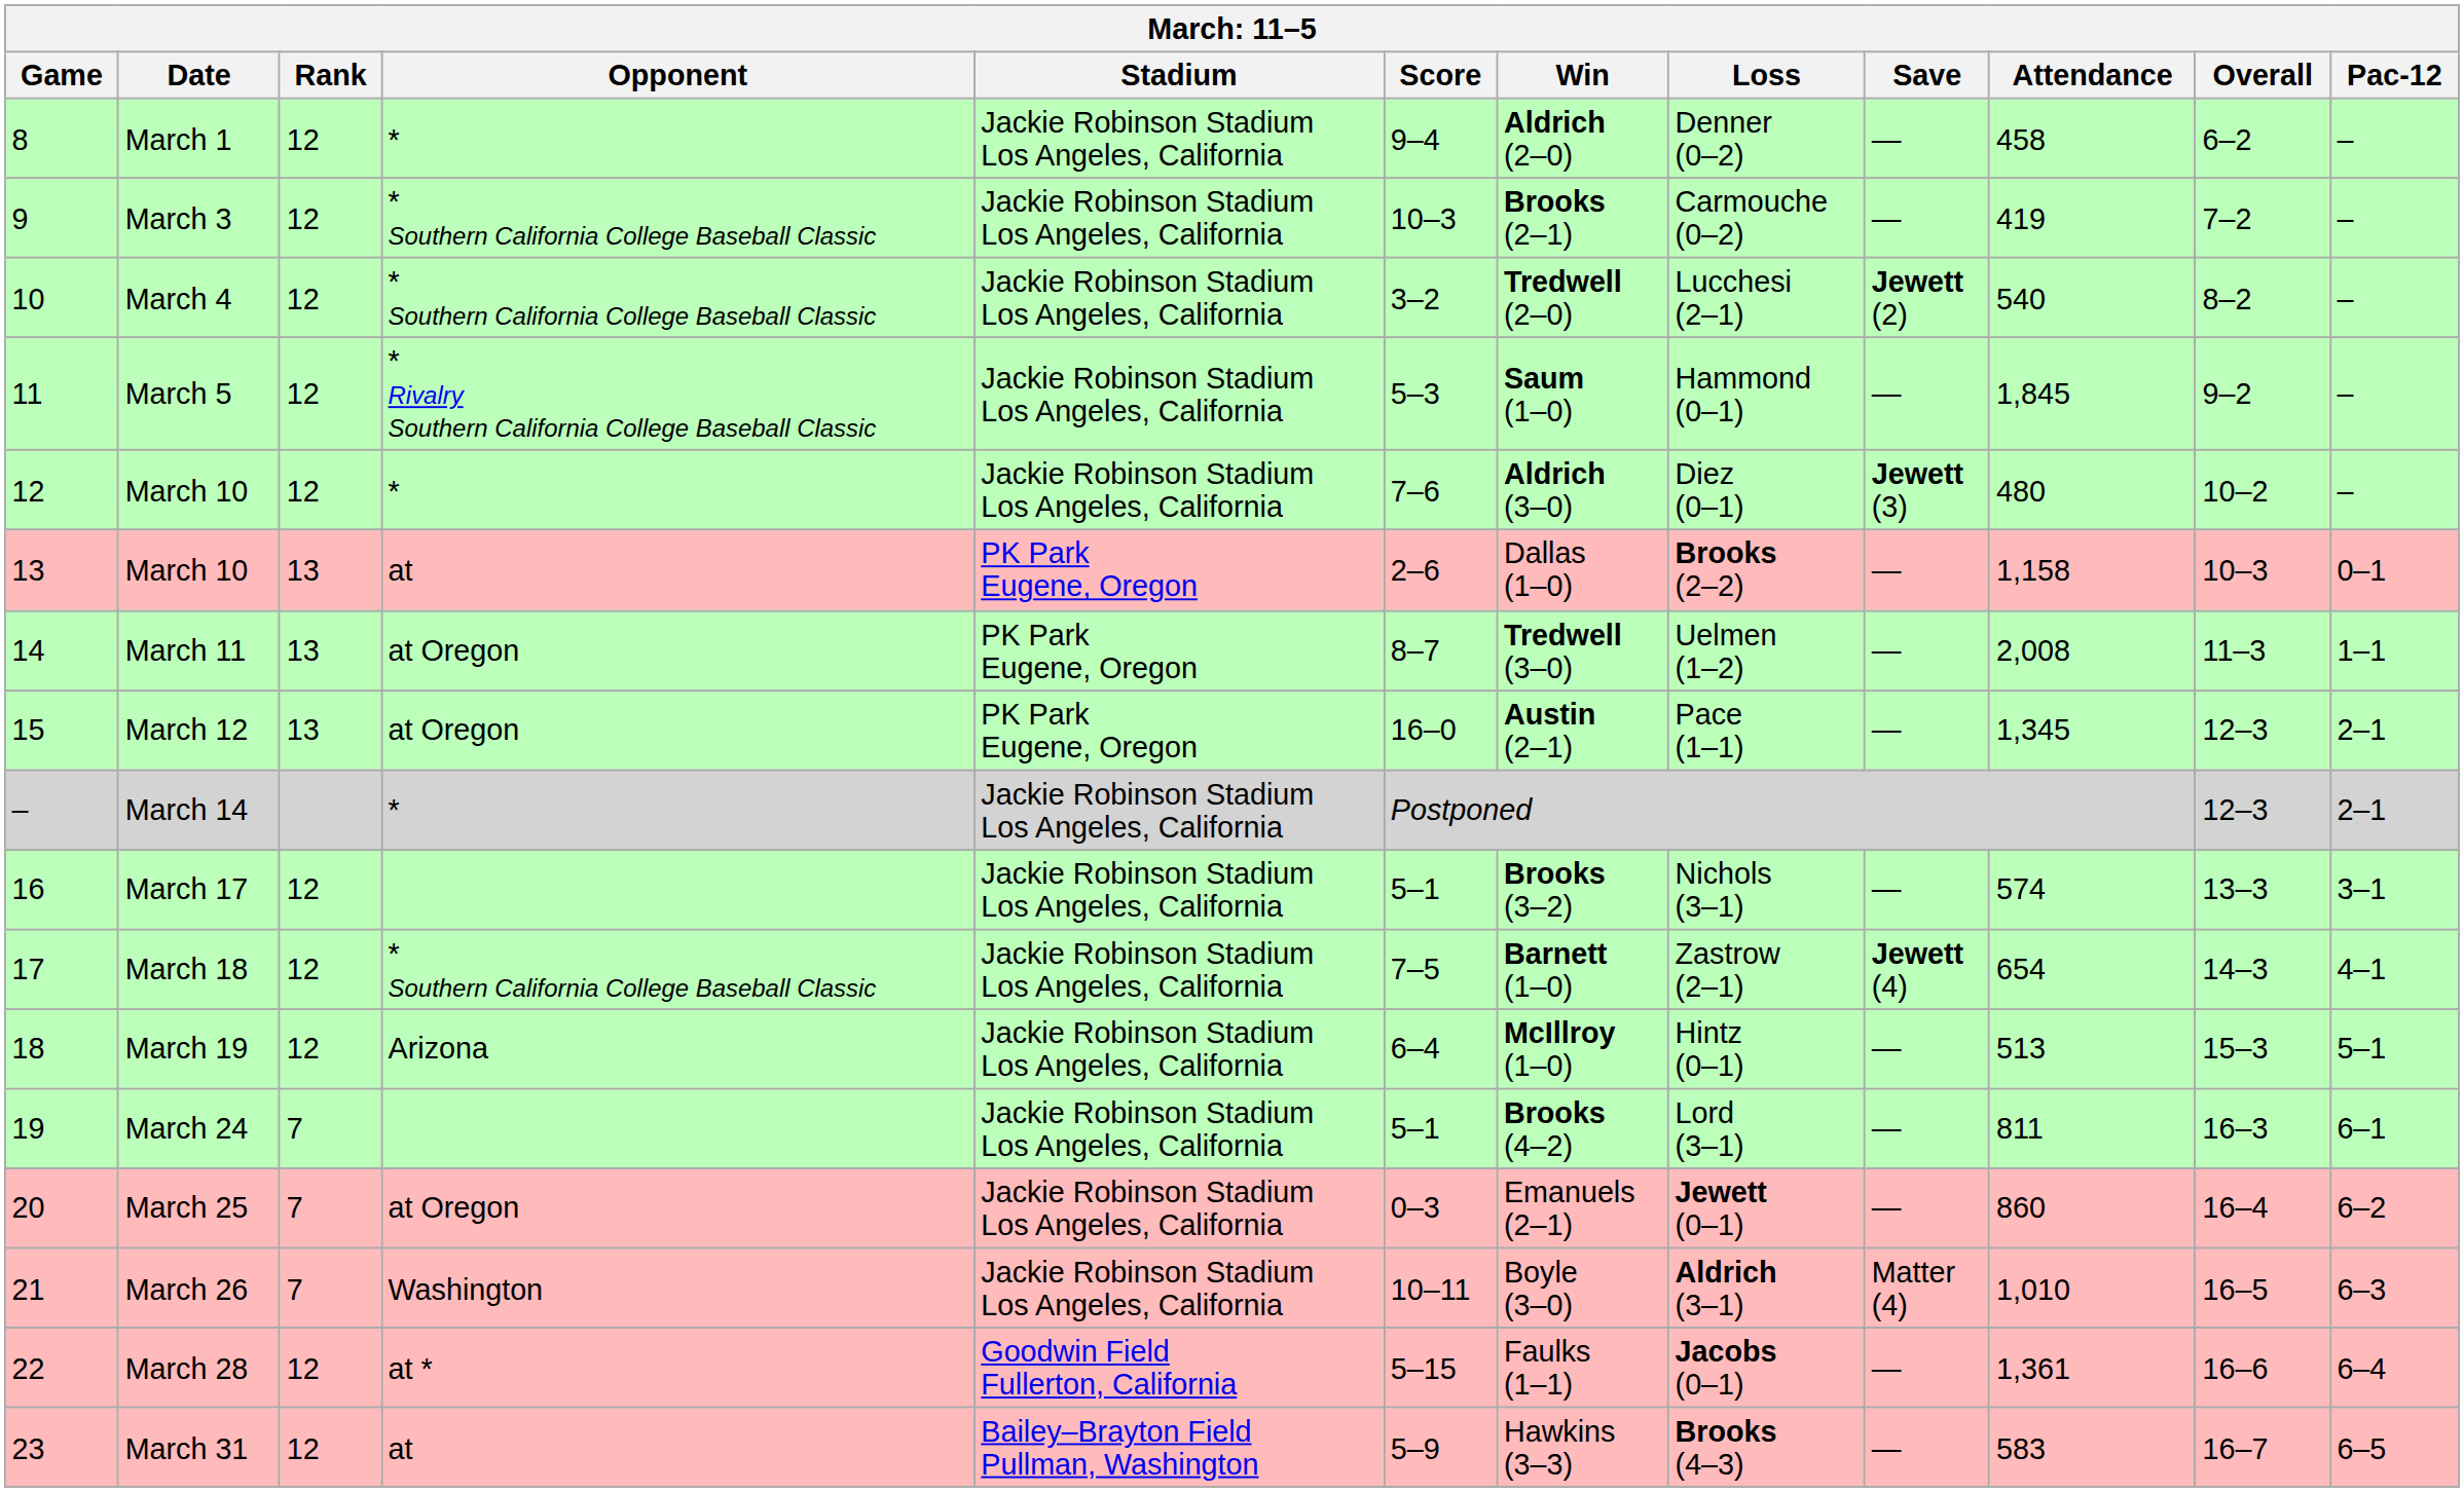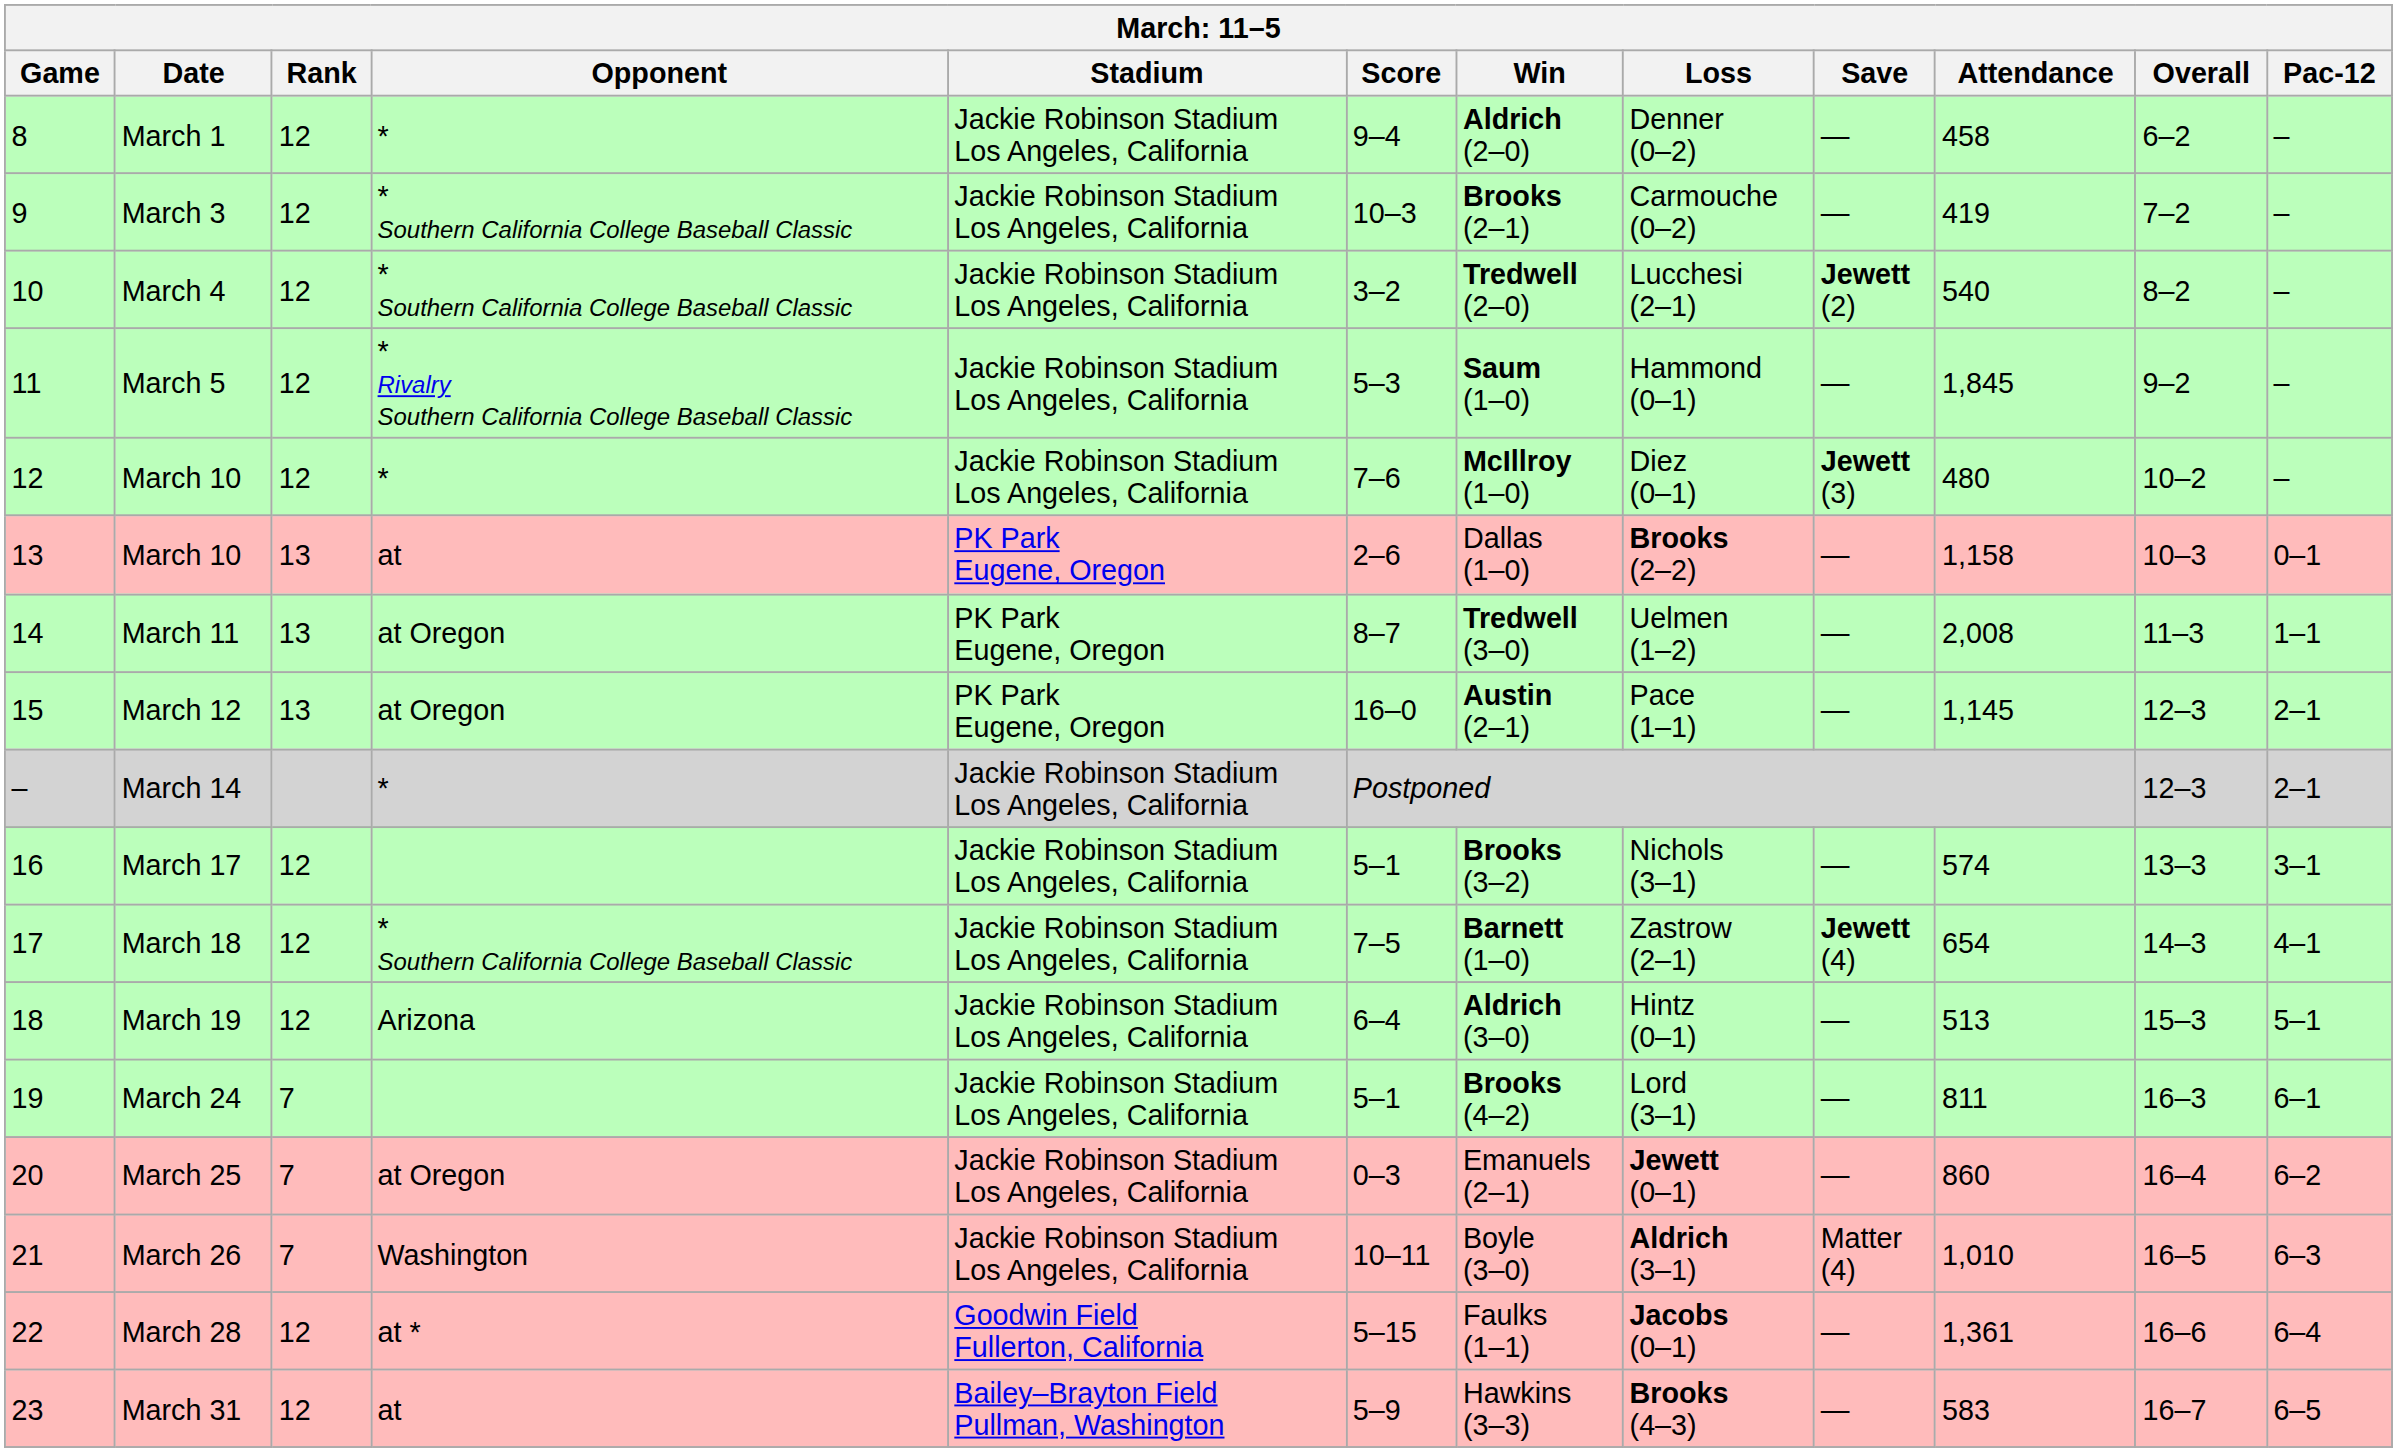 <table class="wikitable collapsible collapsed" style="margin:auto; font-size:95%; width:100%">
 <tr>
 <th colspan=12>March: 11–5</th>
 </tr>
 <tr>
 <th>Game</th>
 <th>Date</th>
 <th>Rank</th>
 <th>Opponent</th>
 <th>Stadium</th>
 <th>Score</th>
 <th>Win</th>
 <th>Loss</th>
 <th>Save</th>
 <th>Attendance</th>
 <th>Overall</th>
 <th>Pac-12</th>
 </tr>
 <tr style="background: #bfb;">
 <td>8</td>
 <td>March 1</td>
 <td>12</td>
 <td>*</td>
 <td>Jackie Robinson Stadium<br>Los Angeles, California</td>
 <td>9–4</td>
 <td><strong>Aldrich</strong> <br>(2–0)</td>
 <td>Denner <br>(0–2)</td>
 <td>—</td>
 <td>458</td>
 <td>6–2</td>
 <td>–</td>
 </tr>
 <tr style="background: #bfb;">
 <td>9</td>
 <td>March 3</td>
 <td>12</td>
 <td>*<br><small><em>Southern California College Baseball Classic</em></small></td>
 <td>Jackie Robinson Stadium<br>Los Angeles, California</td>
 <td>10–3</td>
 <td><strong>Brooks</strong> <br>(2–1)</td>
 <td>Carmouche <br>(0–2)</td>
 <td>—</td>
 <td>419</td>
 <td>7–2</td>
 <td>–</td>
 </tr>
 <tr style="background: #bfb;">
 <td>10</td>
 <td>March 4</td>
 <td>12</td>
 <td>*<br><small><em>Southern California College Baseball Classic</em></small></td>
 <td>Jackie Robinson Stadium<br>Los Angeles, California</td>
 <td>3–2</td>
 <td><strong>Tredwell</strong> <br>(2–0)</td>
 <td>Lucchesi <br>(2–1)</td>
 <td><strong>Jewett</strong> <br>(2)</td>
 <td>540</td>
 <td>8–2</td>
 <td>–</td>
 </tr>
 <tr style="background: #bfb;">
 <td>11</td>
 <td>March 5</td>
 <td>12</td>
 <td>*<br><em><small><a href='#'>Rivalry</a></small></em><br><small><em>Southern California College Baseball Classic</em></small></td>
 <td>Jackie Robinson Stadium<br>Los Angeles, California</td>
 <td>5–3</td>
 <td><strong>Saum</strong> <br>(1–0)</td>
 <td>Hammond <br>(0–1)</td>
 <td>—</td>
 <td>1,845</td>
 <td>9–2</td>
 <td>–</td>
 </tr>
 <tr style="background: #bfb;">
 <td>12</td>
 <td>March 10</td>
 <td>12</td>
 <td>*</td>
 <td>Jackie Robinson Stadium<br>Los Angeles, California</td>
 <td>7–6</td>
-<td><strong>Aldrich</strong><br> (3–0)</td>
+<td><strong>McIllroy</strong> <br>(1–0)</td>
 <td>Diez<br> (0–1)</td>
 <td><strong>Jewett</strong><br> (3)</td>
 <td>480</td>
 <td>10–2</td>
 <td>–</td>
 </tr>
 <tr style="background: #fbb;">
 <td>13</td>
 <td>March 10</td>
 <td>13</td>
 <td>at </td>
 <td><a href='#'>PK Park</a><br><a href='#'>Eugene, Oregon</a></td>
 <td>2–6</td>
 <td>Dallas <br>(1–0)</td>
 <td><strong>Brooks</strong> <br>(2–2)</td>
 <td>—</td>
 <td>1,158</td>
 <td>10–3</td>
 <td>0–1</td>
 </tr>
 <tr style="background:#bfb;">
 <td>14</td>
 <td>March 11</td>
 <td>13</td>
 <td>at Oregon</td>
 <td>PK Park<br>Eugene, Oregon</td>
 <td>8–7</td>
 <td><strong>Tredwell</strong> <br>(3–0)</td>
 <td>Uelmen<br> (1–2)</td>
 <td>—</td>
 <td>2,008</td>
 <td>11–3</td>
 <td>1–1</td>
 </tr>
 <tr style="background: #bfb;">
 <td>15</td>
 <td>March 12</td>
 <td>13</td>
 <td>at Oregon</td>
 <td>PK Park<br>Eugene, Oregon</td>
 <td>16–0</td>
 <td><strong>Austin</strong> <br>(2–1)</td>
 <td>Pace <br>(1–1)</td>
 <td>—</td>
-<td>1,345</td>
+<td>1,145</td>
 <td>12–3</td>
 <td>2–1</td>
 </tr>
 <tr bgcolor="d3d3d3">
 <td>–</td>
 <td>March 14</td>
 <td></td>
 <td>*</td>
 <td>Jackie Robinson Stadium<br>Los Angeles, California</td>
 <td colspan="5"><em>Postponed</em> <br></td>
 <td>12–3</td>
 <td>2–1</td>
 </tr>
 <tr style="background: #bfb;">
 <td>16</td>
 <td>March 17</td>
 <td>12</td>
 <td></td>
 <td>Jackie Robinson Stadium<br>Los Angeles, California</td>
 <td>5–1</td>
 <td><strong>Brooks</strong> <br>(3–2)</td>
 <td>Nichols <br>(3–1)</td>
 <td>—</td>
 <td>574</td>
 <td>13–3</td>
 <td>3–1</td>
 </tr>
 <tr style="background: #bfb;">
 <td>17</td>
 <td>March 18</td>
 <td>12</td>
 <td>*<br><small><em>Southern California College Baseball Classic</em></small></td>
 <td>Jackie Robinson Stadium<br>Los Angeles, California</td>
 <td>7–5</td>
 <td><strong>Barnett</strong> <br>(1–0)</td>
 <td>Zastrow <br>(2–1)</td>
 <td><strong>Jewett</strong> <br>(4)</td>
 <td>654</td>
 <td>14–3</td>
 <td>4–1</td>
 </tr>
 <tr style="background: #bfb;">
 <td>18</td>
 <td>March 19</td>
 <td>12</td>
 <td>Arizona</td>
 <td>Jackie Robinson Stadium<br>Los Angeles, California</td>
 <td>6–4</td>
-<td><strong>McIllroy</strong> <br>(1–0)</td>
+<td><strong>Aldrich</strong><br> (3–0)</td>
 <td>Hintz <br>(0–1)</td>
 <td>—</td>
 <td>513</td>
 <td>15–3</td>
 <td>5–1</td>
 </tr>
 <tr style="background:  #bfb;">
 <td>19</td>
 <td>March 24</td>
 <td>7</td>
 <td></td>
 <td>Jackie Robinson Stadium<br>Los Angeles, California</td>
 <td>5–1</td>
 <td><strong>Brooks</strong> <br>(4–2)</td>
 <td>Lord <br> (3–1)</td>
 <td>—</td>
 <td>811</td>
 <td>16–3</td>
 <td>6–1</td>
 </tr>
 <tr style="background: #fbb;">
 <td>20</td>
 <td>March 25</td>
 <td>7</td>
 <td>at Oregon</td>
 <td>Jackie Robinson Stadium<br>Los Angeles, California</td>
 <td>0–3</td>
 <td>Emanuels <br> (2–1)</td>
 <td><strong>Jewett</strong> <br> (0–1)</td>
 <td>—</td>
 <td>860</td>
 <td>16–4</td>
 <td>6–2</td>
 </tr>
 <tr style="background: #fbb;">
 <td>21</td>
 <td>March 26</td>
 <td>7</td>
 <td>Washington</td>
 <td>Jackie Robinson Stadium<br>Los Angeles, California</td>
 <td>10–11</td>
 <td>Boyle <br> (3–0)</td>
 <td><strong>Aldrich</strong><br>(3–1)</td>
 <td>Matter<br>(4)</td>
 <td>1,010</td>
 <td>16–5</td>
 <td>6–3</td>
 </tr>
 <tr style="background:  #fbb;">
 <td>22</td>
 <td>March 28</td>
 <td>12</td>
 <td>at *</td>
 <td><a href='#'>Goodwin Field</a><br><a href='#'>Fullerton, California</a></td>
 <td>5–15</td>
 <td>Faulks<br>(1–1)</td>
 <td><strong>Jacobs</strong><br>(0–1)</td>
 <td>—</td>
 <td>1,361</td>
 <td>16–6</td>
 <td>6–4</td>
 </tr>
 <tr style="background:  #fbb;">
 <td>23</td>
 <td>March 31</td>
 <td>12</td>
 <td>at </td>
 <td><a href='#'>Bailey–Brayton Field</a><br><a href='#'>Pullman, Washington</a></td>
 <td>5–9</td>
 <td>Hawkins <br>(3–3)</td>
 <td><strong>Brooks</strong><br>(4–3)</td>
 <td>—</td>
 <td>583</td>
 <td>16–7</td>
 <td>6–5</td>
 </tr>
 </table>
